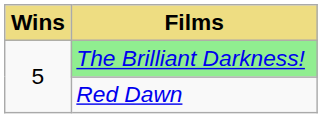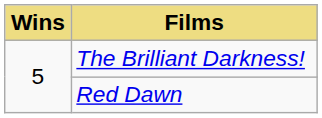 <table class="wikitable" align="center" style="width:25%;">
 <tr>
 <th style="background:#EEDD82;" align="center">Wins</th>
 <th style="background:#EEDD82;" align="center">Films</th>
 </tr>
 <tr>
 <td rowspan="2" style="text-align:center">5</td>
-<td style="background: lightgreen;"><em><a href='#'>The Brilliant Darkness!</a></em></td>
+<td><em><a href='#'>The Brilliant Darkness!</a></em></td>
 </tr>
 <tr>
 <td><em><a href='#'>Red Dawn</a></em></td>
 </tr>
 </table>
